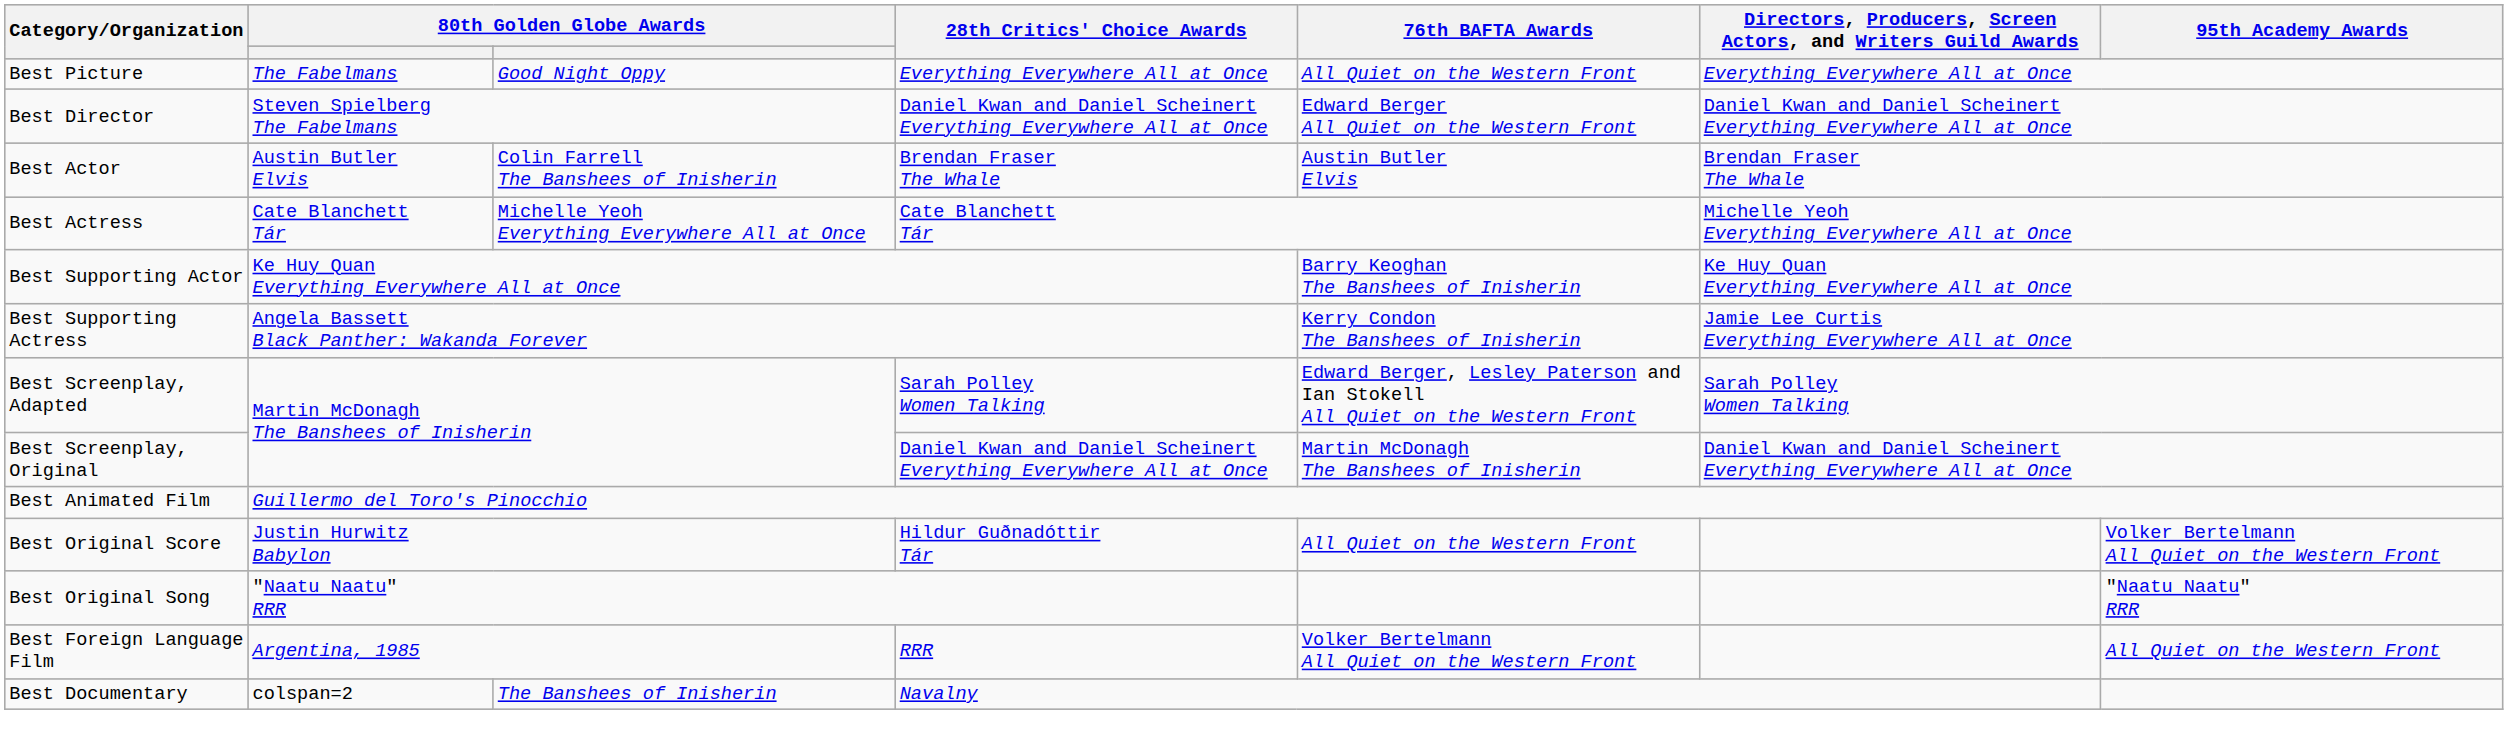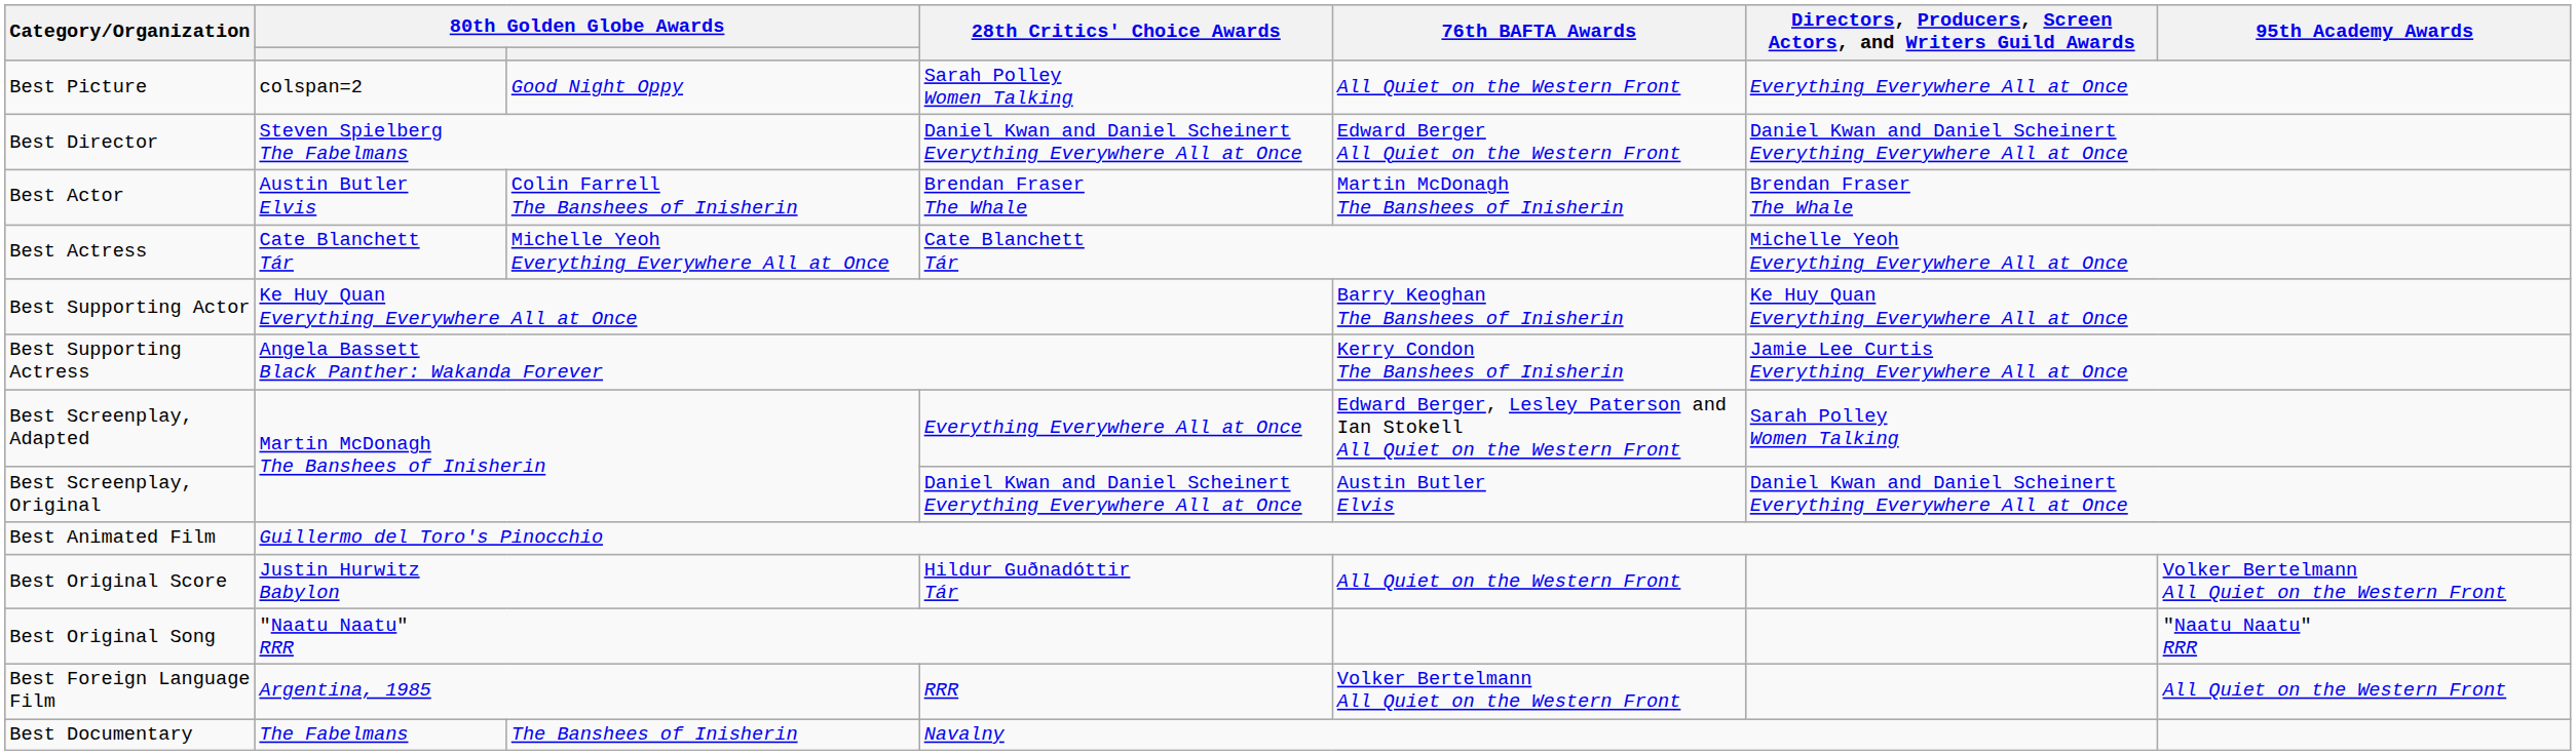 <table class="wikitable" style="font-size: 90%;">
 <tr>
 <th rowspan="2" style="width:20px;">Category/Organization</th>
 <th colspan="2" style="width:250px;"><a href='#'>80th Golden Globe Awards</a><br></th>
 <th rowspan="2" style="width:250px;"><a href='#'>28th Critics' Choice Awards</a><br></th>
 <th rowspan="2" style="width:250px;"><a href='#'>76th BAFTA Awards</a><br></th>
 <th rowspan="2" style="width:250px;"><a href='#'>Directors</a>, <a href='#'>Producers</a>, <a href='#'>Screen Actors</a>, and <a href='#'>Writers Guild Awards</a><br></th>
 <th rowspan="2" style="width:250px;"><a href='#'>95th Academy Awards</a><br></th>
 </tr>
 <tr>
 <th width=150></th>
 <th style="width:250px;"></th>
 </tr>
 <tr>
 <td>Best Picture</td>
-<td><em><a href='#'>The Fabelmans</a></em></td>
+<td>colspan=2 </td>
 <td><em><a href='#'>Good Night Oppy</a></em></td>
-<td><em><a href='#'>Everything Everywhere All at Once</a></em></td>
+<td><a href='#'>Sarah Polley</a><br><em><a href='#'>Women Talking</a></em></td>
 <td><em><a href='#'>All Quiet on the Western Front</a></em></td>
 <td colspan="3"><em><a href='#'>Everything Everywhere All at Once</a></em></td>
 </tr>
 <tr>
 <td>Best Director</td>
 <td colspan="2"><a href='#'>Steven Spielberg</a><br><em><a href='#'>The Fabelmans</a></em></td>
 <td><a href='#'>Daniel Kwan and Daniel Scheinert</a><br><em><a href='#'>Everything Everywhere All at Once</a></em></td>
 <td><a href='#'>Edward Berger</a><br><em><a href='#'>All Quiet on the Western Front</a></em></td>
 <td colspan="3"><a href='#'>Daniel Kwan and Daniel Scheinert</a><br><em><a href='#'>Everything Everywhere All at Once</a></em></td>
 </tr>
 <tr>
 <td>Best Actor</td>
 <td><a href='#'>Austin Butler</a><br><em><a href='#'>Elvis</a></em></td>
 <td><a href='#'>Colin Farrell</a><br><em><a href='#'>The Banshees of Inisherin</a></em></td>
 <td><a href='#'>Brendan Fraser</a><br><em><a href='#'>The Whale</a></em></td>
-<td><a href='#'>Austin Butler</a><br><em><a href='#'>Elvis</a></em></td>
+<td><a href='#'>Martin McDonagh</a><br><em><a href='#'>The Banshees of Inisherin</a></em></td>
 <td colspan="3"><a href='#'>Brendan Fraser</a><br><em><a href='#'>The Whale</a></em></td>
 </tr>
 <tr>
 <td>Best Actress</td>
 <td><a href='#'>Cate Blanchett</a><br><em><a href='#'>Tár</a></em></td>
 <td><a href='#'>Michelle Yeoh</a><br><em><a href='#'>Everything Everywhere All at Once</a></em></td>
 <td colspan="2"><a href='#'>Cate Blanchett</a><br><em><a href='#'>Tár</a></em></td>
 <td colspan="3"><a href='#'>Michelle Yeoh</a><br><em><a href='#'>Everything Everywhere All at Once</a></em></td>
 </tr>
 <tr>
 <td>Best Supporting Actor</td>
 <td colspan="3"><a href='#'>Ke Huy Quan</a><br><em><a href='#'>Everything Everywhere All at Once</a></em></td>
 <td><a href='#'>Barry Keoghan</a><br><em><a href='#'>The Banshees of Inisherin</a></em></td>
 <td colspan="2"><a href='#'>Ke Huy Quan</a><br><em><a href='#'>Everything Everywhere All at Once</a></em></td>
 </tr>
 <tr>
 <td>Best Supporting Actress</td>
 <td colspan="3"><a href='#'>Angela Bassett</a><br><em><a href='#'>Black Panther: Wakanda Forever</a></em></td>
 <td><a href='#'>Kerry Condon</a><br><em><a href='#'>The Banshees of Inisherin</a></em></td>
 <td colspan="2"><a href='#'>Jamie Lee Curtis</a><br><em><a href='#'>Everything Everywhere All at Once</a></em></td>
 </tr>
 <tr>
 <td>Best Screenplay, Adapted</td>
 <td colspan=2 rowspan=2><a href='#'>Martin McDonagh</a><br><em><a href='#'>The Banshees of Inisherin</a></em></td>
-<td><a href='#'>Sarah Polley</a><br><em><a href='#'>Women Talking</a></em></td>
+<td><em><a href='#'>Everything Everywhere All at Once</a></em></td>
 <td><a href='#'>Edward Berger</a>, <a href='#'>Lesley Paterson</a> and Ian Stokell<br><em><a href='#'>All Quiet on the Western Front</a></em></td>
 <td colspan=3><a href='#'>Sarah Polley</a><br><em><a href='#'>Women Talking</a></em></td>
 </tr>
 <tr>
 <td>Best Screenplay, Original</td>
 <td><a href='#'>Daniel Kwan and Daniel Scheinert</a><br><em><a href='#'>Everything Everywhere All at Once</a></em></td>
-<td><a href='#'>Martin McDonagh</a><br><em><a href='#'>The Banshees of Inisherin</a></em></td>
+<td><a href='#'>Austin Butler</a><br><em><a href='#'>Elvis</a></em></td>
 <td colspan=2><a href='#'>Daniel Kwan and Daniel Scheinert</a><br><em><a href='#'>Everything Everywhere All at Once</a></em></td>
 </tr>
 <tr>
 <td>Best Animated Film</td>
 <td colspan="6"><em><a href='#'>Guillermo del Toro's Pinocchio</a></em></td>
 </tr>
 <tr>
 <td>Best Original Score</td>
 <td colspan="2"><a href='#'>Justin Hurwitz</a><br><em><a href='#'>Babylon</a></em></td>
 <td><a href='#'>Hildur Guðnadóttir</a><br><em><a href='#'>Tár</a></em></td>
 <td><em><a href='#'>All Quiet on the Western Front</a></em></td>
 <td></td>
 <td><a href='#'>Volker Bertelmann</a><br><em><a href='#'>All Quiet on the Western Front</a></em></td>
 </tr>
 <tr>
 <td>Best Original Song</td>
 <td colspan="3">"<a href='#'>Naatu Naatu</a>"<br><em><a href='#'>RRR</a></em></td>
 <td></td>
 <td></td>
 <td colspan="2">"<a href='#'>Naatu Naatu</a>"<br><em><a href='#'>RRR</a></em></td>
 </tr>
 <tr>
 <td>Best Foreign Language Film</td>
 <td colspan="2"><em><a href='#'>Argentina, 1985</a></em></td>
 <td><em><a href='#'>RRR</a></em></td>
 <td><a href='#'>Volker Bertelmann</a><br><em><a href='#'>All Quiet on the Western Front</a></em></td>
 <td></td>
 <td><em><a href='#'>All Quiet on the Western Front</a></em></td>
 </tr>
 <tr>
 <td>Best Documentary</td>
-<td>colspan=2 </td>
+<td><em><a href='#'>The Fabelmans</a></em></td>
 <td><em><a href='#'>The Banshees of Inisherin</a></em></td>
 <td colspan="3"><em><a href='#'>Navalny</a></em></td>
 </tr>
 </table>
